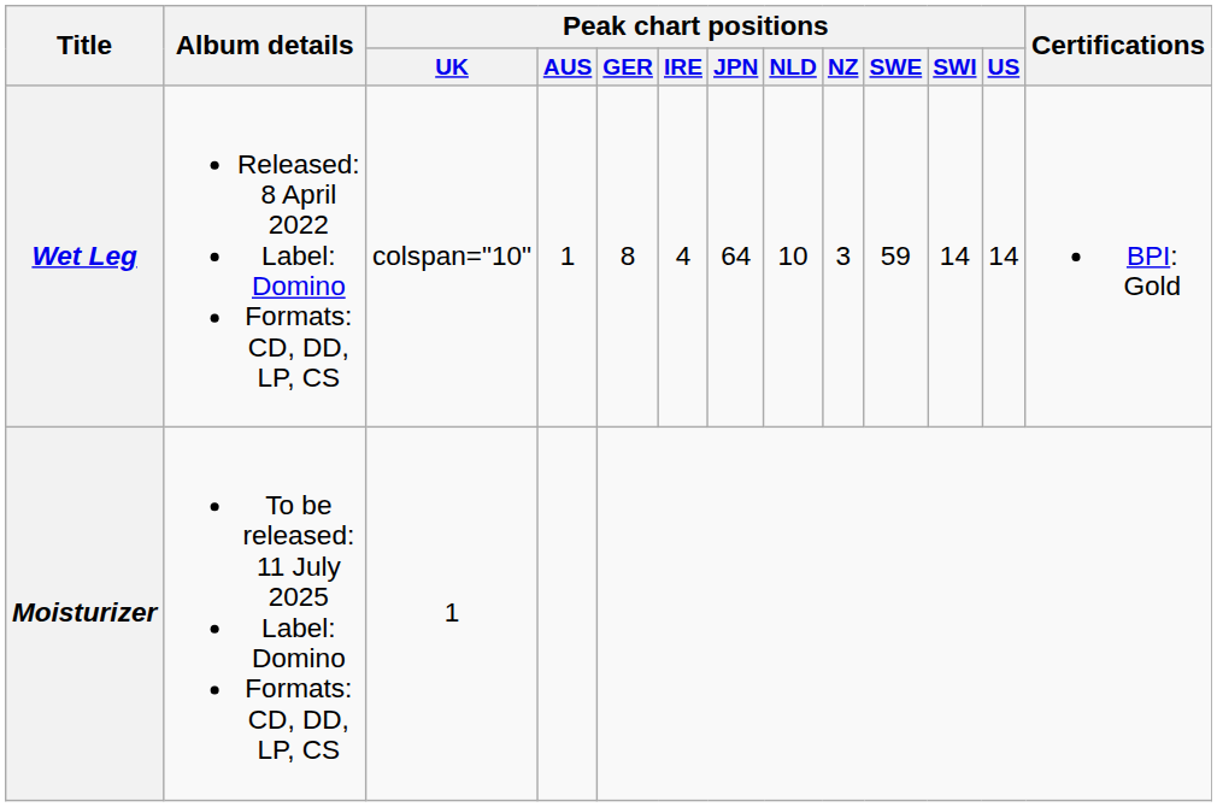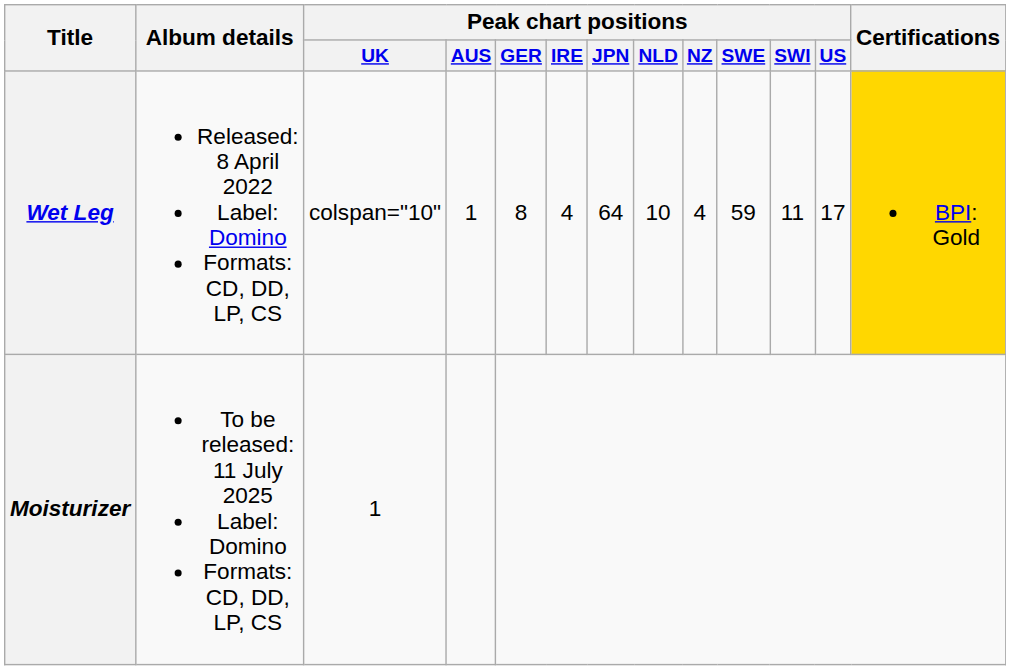 <table class="wikitable plainrowheaders" style="text-align:center;">
 <tr>
 <th scope="col" rowspan="2">Title</th>
 <th scope="col" rowspan="2">Album details</th>
 <th scope="col" colspan="10">Peak chart positions</th>
 <th scope="col" rowspan="2">Certifications</th>
 </tr>
 <tr>
 <th scope="col" style="width:3em;font-size:85%;"><a href='#'>UK</a><br></th>
 <th scope="col" style="width:3em;font-size:85%;"><a href='#'>AUS</a><br></th>
 <th scope="col" style="width:3em;font-size:85%;"><a href='#'>GER</a><br></th>
 <th scope="col" style="width:3em;font-size:85%;"><a href='#'>IRE</a><br></th>
 <th scope="col" style="width:3em;font-size:85%;"><a href='#'>JPN</a><br></th>
 <th scope="col" style="width:3em;font-size:85%;"><a href='#'>NLD</a><br></th>
 <th scope="col" style="width:3em;font-size:85%;"><a href='#'>NZ</a><br></th>
 <th scope="col" style="width:3em;font-size:85%;"><a href='#'>SWE</a><br></th>
 <th scope="col" style="width:3em;font-size:85%;"><a href='#'>SWI</a><br></th>
 <th scope="col" style="width:3em;font-size:85%;"><a href='#'>US</a><br></th>
 </tr>
 <tr>
 <th scope="row"><em><a href='#'>Wet Leg</a></em></th>
 <td><br><ul><li>Released: 8 April 2022</li><li>Label: <a href='#'>Domino</a></li><li>Formats: CD, DD, LP, CS</li></ul></td>
 <td>colspan="10" </td>
 <td>1</td>
 <td>8</td>
 <td>4</td>
 <td>64</td>
 <td>10</td>
-<td>3</td>
+<td>4</td>
 <td>59</td>
-<td>14</td>
-<td>14</td>
-<td><br><ul><li><a href='#'>BPI</a>: Gold</li></ul></td>
+<td>11</td>
+<td>17</td>
+<td style="background: gold;"><br><ul><li><a href='#'>BPI</a>: Gold</li></ul></td>
 </tr>
 <tr>
 <th scope="row"><em>Moisturizer</em></th>
 <td><br><ul><li>To be released: 11 July 2025</li><li>Label: Domino</li><li>Formats: CD, DD, LP, CS</li></ul></td>
 <td>1</td>
 <td></td>
 </tr>
 </table>
